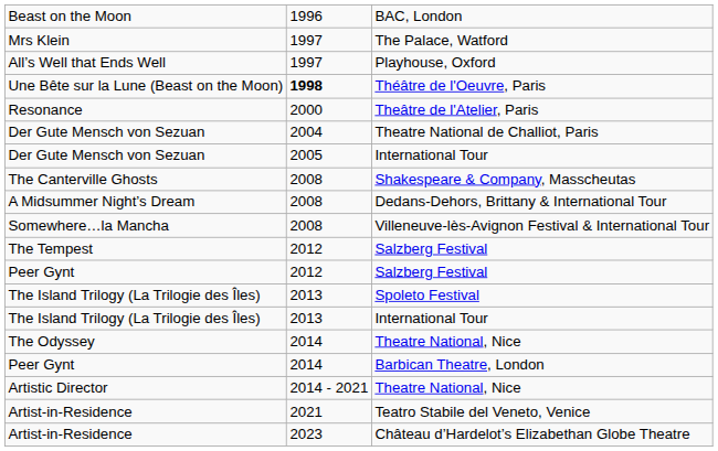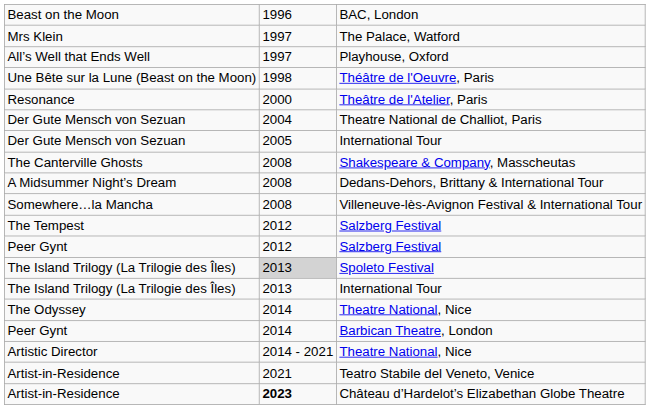 <table class="wikitable">
 <tr>
 <td>Beast on the Moon</td>
 <td>1996</td>
 <td>BAC, London</td>
 </tr>
 <tr>
 <td>Mrs Klein</td>
 <td>1997</td>
 <td>The Palace, Watford</td>
 </tr>
 <tr>
 <td>All’s Well that Ends Well</td>
 <td>1997</td>
 <td>Playhouse, Oxford</td>
 </tr>
 <tr>
 <td>Une Bête sur la Lune (Beast on the Moon)</td>
-<td><strong>1998</strong></td>
+<td>1998</td>
 <td><a href='#'>Théâtre de l'Oeuvre</a>, Paris</td>
 </tr>
 <tr>
 <td>Resonance</td>
 <td>2000</td>
 <td><a href='#'>Theâtre de l'Atelier</a>, Paris</td>
 </tr>
 <tr>
 <td>Der Gute Mensch von Sezuan</td>
 <td>2004</td>
 <td>Theatre National de Challiot, Paris</td>
 </tr>
 <tr>
 <td>Der Gute Mensch von Sezuan</td>
 <td>2005</td>
 <td>International Tour</td>
 </tr>
 <tr>
 <td>The Canterville Ghosts</td>
 <td>2008</td>
 <td><a href='#'>Shakespeare & Company</a>, Masscheutas</td>
 </tr>
 <tr>
 <td>A Midsummer Night’s Dream</td>
 <td>2008</td>
 <td>Dedans-Dehors, Brittany & International Tour</td>
 </tr>
 <tr>
 <td>Somewhere…la Mancha</td>
 <td>2008</td>
 <td>Villeneuve-lès-Avignon Festival & International Tour</td>
 </tr>
 <tr>
 <td>The Tempest</td>
 <td>2012</td>
 <td><a href='#'>Salzberg Festival</a></td>
 </tr>
 <tr>
 <td>Peer Gynt</td>
 <td>2012</td>
 <td><a href='#'>Salzberg Festival</a></td>
 </tr>
 <tr>
 <td>The Island Trilogy (La Trilogie des Îles)</td>
-<td>2013</td>
+<td style="background: lightgrey;">2013</td>
 <td><a href='#'>Spoleto Festival</a></td>
 </tr>
 <tr>
 <td>The Island Trilogy (La Trilogie des Îles)</td>
 <td>2013</td>
 <td>International Tour</td>
 </tr>
 <tr>
 <td>The Odyssey</td>
 <td>2014</td>
 <td><a href='#'>Theatre National</a>, Nice</td>
 </tr>
 <tr>
 <td>Peer Gynt</td>
 <td>2014</td>
 <td><a href='#'>Barbican Theatre</a>, London</td>
 </tr>
 <tr>
 <td>Artistic Director</td>
 <td>2014 - 2021</td>
 <td><a href='#'>Theatre National</a>, Nice</td>
 </tr>
 <tr>
 <td>Artist-in-Residence</td>
 <td>2021</td>
 <td>Teatro Stabile del Veneto, Venice</td>
 </tr>
 <tr>
 <td>Artist-in-Residence</td>
-<td>2023</td>
+<td><strong>2023</strong></td>
 <td>Château d’Hardelot’s Elizabethan Globe Theatre</td>
 </tr>
 </table>
